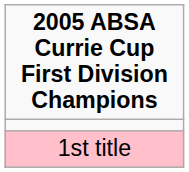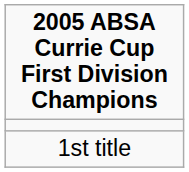 <table class="wikitable" style="text-align: center; margin: 0 auto; width: 20%">
 <tr>
 <td><strong>2005 ABSA Currie Cup <br>First Division Champions<br></strong></td>
 </tr>
 <tr>
 <td><strong></strong></td>
 </tr>
 <tr>
-<td style="background: pink;">1st title</td>
+<td>1st title</td>
 </tr>
 </table>
